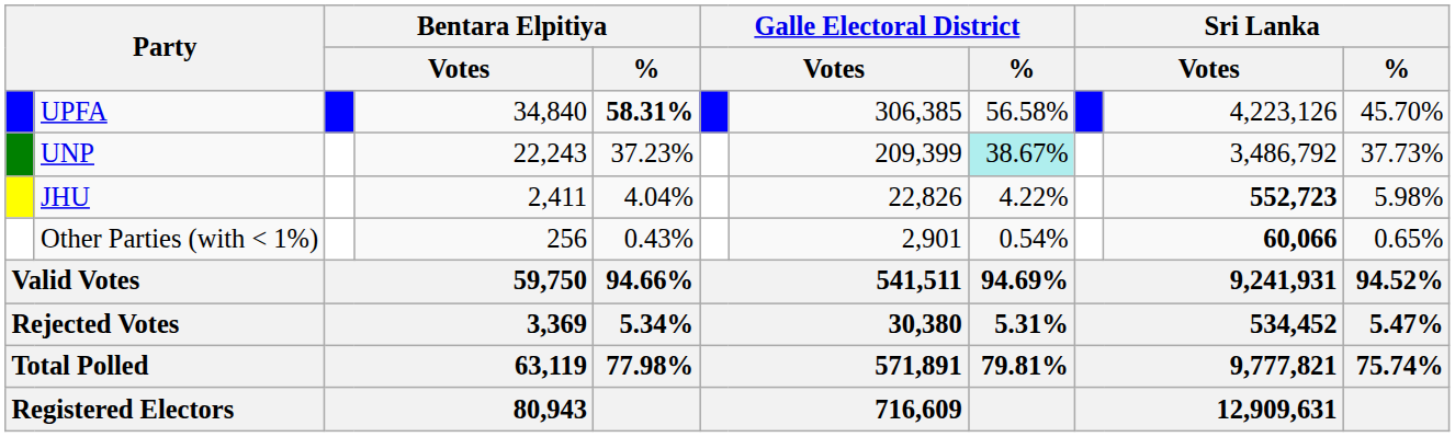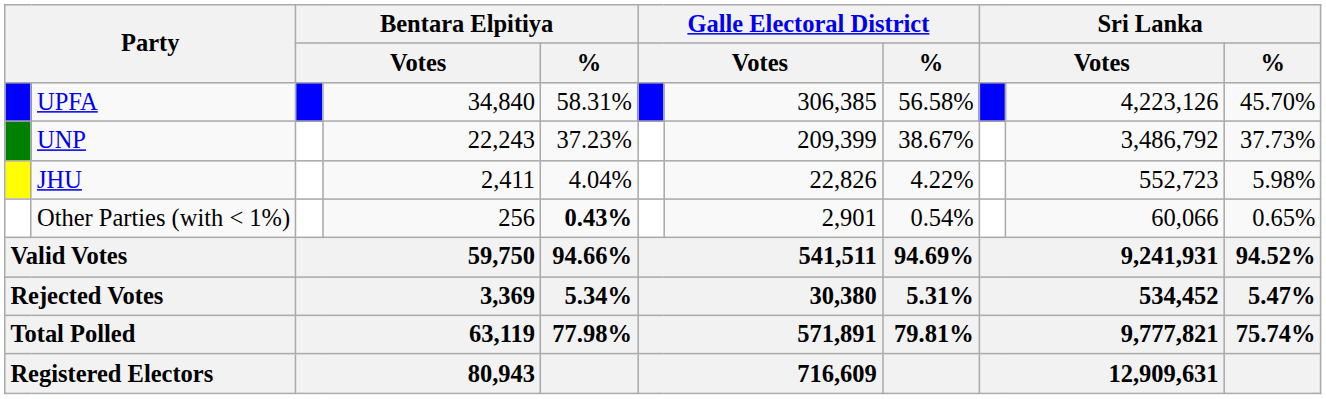 <table class="wikitable">
 <tr>
 <th colspan="2" width="144px"rowspan="2">Party</th>
 <th colspan="3" width="216px">Bentara Elpitiya</th>
 <th colspan="3" width="216px"><a href='#'>Galle Electoral District</a></th>
 <th colspan="3" width="216px">Sri Lanka</th>
 </tr>
 <tr>
 <th colspan="2" width="144px">Votes</th>
 <th>%</th>
 <th colspan="2" width="144px">Votes</th>
 <th>%</th>
 <th colspan="2" width="144px">Votes</th>
 <th>%</th>
 </tr>
 <tr>
 <td style="background-color:blue;" width="10px"></td>
 <td style="text-align:left;"><a href='#'>UPFA</a></td>
 <td style="background-color:blue;" width="10px"></td>
 <td style="text-align:right;">34,840</td>
-<td style="text-align:right;"><strong>58.31%</strong></td>
+<td style="text-align:right;">58.31%</td>
 <td style="background-color:blue;" width="10px"></td>
 <td style="text-align:right;">306,385</td>
 <td style="text-align:right;">56.58%</td>
 <td style="background-color:blue;" width="10px"></td>
 <td style="text-align:right;">4,223,126</td>
 <td style="text-align:right;">45.70%</td>
 </tr>
 <tr>
 <td style="background-color:green;" width="10px"></td>
 <td style="text-align:left;"><a href='#'>UNP</a></td>
 <td style="background-color:white;" width="10px"></td>
 <td style="text-align:right;">22,243</td>
 <td style="text-align:right;">37.23%</td>
 <td style="background-color:white;" width="10px"></td>
 <td style="text-align:right;">209,399</td>
-<td style="background: paleturquoise; text-align:right;">38.67%</td>
+<td style="text-align:right;">38.67%</td>
 <td style="background-color:white;" width="10px"></td>
 <td style="text-align:right;">3,486,792</td>
 <td style="text-align:right;">37.73%</td>
 </tr>
 <tr>
 <td style="background-color:yellow;" width="10px"></td>
 <td style="text-align:left;"><a href='#'>JHU</a></td>
 <td style="background-color:white;" width="10px"></td>
 <td style="text-align:right;">2,411</td>
 <td style="text-align:right;">4.04%</td>
 <td style="background-color:white;" width="10px"></td>
 <td style="text-align:right;">22,826</td>
 <td style="text-align:right;">4.22%</td>
 <td style="background-color:white;" width="10px"></td>
-<td style="text-align:right;"><strong>552,723</strong></td>
+<td style="text-align:right;">552,723</td>
 <td style="text-align:right;">5.98%</td>
 </tr>
 <tr>
 <td style="background-color:white;" width="10px"></td>
 <td style="text-align:left;">Other Parties (with < 1%)</td>
 <td style="background-color:white;" width="10px"></td>
 <td style="text-align:right;">256</td>
-<td style="text-align:right;">0.43%</td>
+<td style="text-align:right;"><strong>0.43%</strong></td>
 <td style="background-color:white;" width="10px"></td>
 <td style="text-align:right;">2,901</td>
 <td style="text-align:right;">0.54%</td>
 <td style="background-color:white;" width="10px"></td>
-<td style="text-align:right;"><strong>60,066</strong></td>
+<td style="text-align:right;">60,066</td>
 <td style="text-align:right;">0.65%</td>
 </tr>
 <tr>
 <th colspan="2" width="144px"style="text-align:left;">Valid Votes</th>
 <th style="text-align:right;"colspan="2" width="144px">59,750</th>
 <th style="text-align:right;">94.66%</th>
 <th style="text-align:right;"colspan="2" width="144px">541,511</th>
 <th style="text-align:right;">94.69%</th>
 <th style="text-align:right;"colspan="2" width="144px">9,241,931</th>
 <th style="text-align:right;">94.52%</th>
 </tr>
 <tr>
 <th colspan="2" width="144px"style="text-align:left;">Rejected Votes</th>
 <th style="text-align:right;"colspan="2" width="144px">3,369</th>
 <th style="text-align:right;">5.34%</th>
 <th style="text-align:right;"colspan="2" width="144px">30,380</th>
 <th style="text-align:right;">5.31%</th>
 <th style="text-align:right;"colspan="2" width="144px">534,452</th>
 <th style="text-align:right;">5.47%</th>
 </tr>
 <tr>
 <th colspan="2" width="144px"style="text-align:left;">Total Polled</th>
 <th style="text-align:right;"colspan="2" width="144px">63,119</th>
 <th style="text-align:right;">77.98%</th>
 <th style="text-align:right;"colspan="2" width="144px">571,891</th>
 <th style="text-align:right;">79.81%</th>
 <th style="text-align:right;"colspan="2" width="144px">9,777,821</th>
 <th style="text-align:right;">75.74%</th>
 </tr>
 <tr>
 <th colspan="2" width="144px"style="text-align:left;">Registered Electors</th>
 <th style="text-align:right;"colspan="2" width="144px">80,943</th>
 <th></th>
 <th style="text-align:right;"colspan="2" width="144px">716,609</th>
 <th></th>
 <th style="text-align:right;"colspan="2" width="144px">12,909,631</th>
 <th></th>
 </tr>
 </table>
